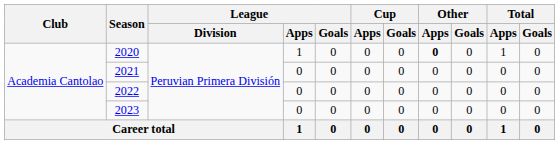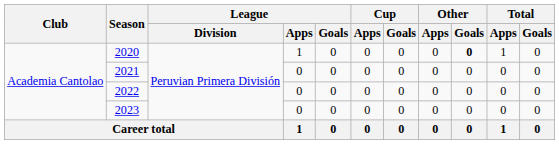 <table class=wikitable style=text-align:center>
 <tr>
 <th rowspan="2">Club</th>
 <th rowspan="2">Season</th>
 <th colspan="3">League</th>
 <th colspan="2">Cup</th>
 <th colspan="2">Other</th>
 <th colspan="2">Total</th>
 </tr>
 <tr>
 <th>Division</th>
 <th>Apps</th>
 <th>Goals</th>
 <th>Apps</th>
 <th>Goals</th>
 <th>Apps</th>
 <th>Goals</th>
 <th>Apps</th>
 <th>Goals</th>
 </tr>
 <tr>
 <td rowspan="4"><a href='#'>Academia Cantolao</a></td>
 <td><a href='#'>2020</a></td>
 <td rowspan="4"><a href='#'>Peruvian Primera División</a></td>
 <td>1</td>
 <td>0</td>
 <td>0</td>
 <td>0</td>
+<td>0</td>
 <td><strong>0</strong></td>
-<td>0</td>
 <td>1</td>
 <td>0</td>
 </tr>
 <tr>
 <td><a href='#'>2021</a></td>
 <td>0</td>
 <td>0</td>
 <td>0</td>
 <td>0</td>
 <td>0</td>
 <td>0</td>
 <td>0</td>
 <td>0</td>
 </tr>
 <tr>
 <td><a href='#'>2022</a></td>
 <td>0</td>
 <td>0</td>
 <td>0</td>
 <td>0</td>
 <td>0</td>
 <td>0</td>
 <td>0</td>
 <td>0</td>
 </tr>
 <tr>
 <td><a href='#'>2023</a></td>
 <td>0</td>
 <td>0</td>
 <td>0</td>
 <td>0</td>
 <td>0</td>
 <td>0</td>
 <td>0</td>
 <td>0</td>
 </tr>
 <tr>
 <th colspan="3"><strong>Career total</strong></th>
 <th>1</th>
 <th>0</th>
 <th>0</th>
 <th>0</th>
 <th>0</th>
 <th>0</th>
 <th>1</th>
 <th>0</th>
 </tr>
 </table>
